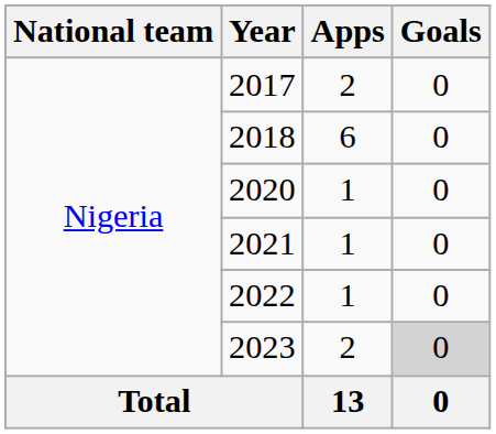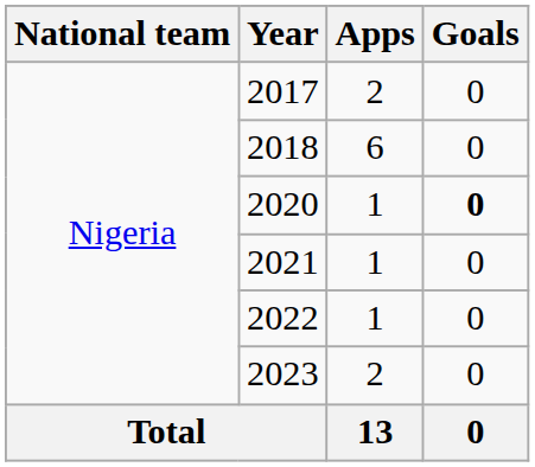 <table class="wikitable" style="text-align:center">
 <tr>
 <th>National team</th>
 <th>Year</th>
 <th>Apps</th>
 <th>Goals</th>
 </tr>
 <tr>
 <td rowspan="6"><a href='#'>Nigeria</a></td>
 <td>2017</td>
 <td>2</td>
 <td>0</td>
 </tr>
 <tr>
 <td>2018</td>
 <td>6</td>
 <td>0</td>
 </tr>
 <tr>
 <td>2020</td>
 <td>1</td>
-<td>0</td>
+<td><strong>0</strong></td>
 </tr>
 <tr>
 <td>2021</td>
 <td>1</td>
 <td>0</td>
 </tr>
 <tr>
 <td>2022</td>
 <td>1</td>
 <td>0</td>
 </tr>
 <tr>
 <td>2023</td>
 <td>2</td>
-<td style="background: lightgrey;">0</td>
+<td>0</td>
 </tr>
 <tr>
 <th colspan="2">Total</th>
 <th>13</th>
 <th>0</th>
 </tr>
 </table>
